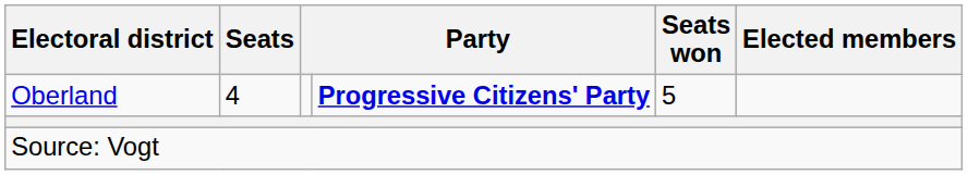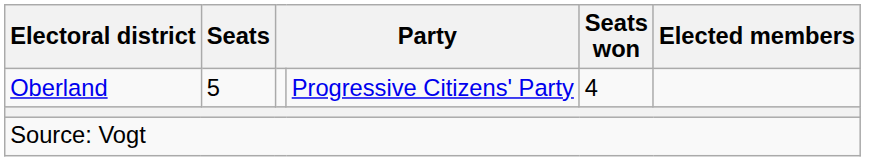 <table class="wikitable">
 <tr>
 <th>Electoral district</th>
 <th>Seats</th>
 <th colspan="2">Party</th>
 <th>Seats<br>won</th>
 <th>Elected members</th>
 </tr>
 <tr>
 <td><a href='#'>Oberland</a></td>
+<td>5</td>
+<td></td>
+<td><a href='#'>Progressive Citizens' Party</a></td>
 <td>4</td>
-<td></td>
-<td><strong><a href='#'>Progressive Citizens' Party</a></strong></td>
-<td>5</td>
 <td></td>
 </tr>
 <tr>
 <th colspan="6"></th>
 </tr>
 <tr>
 <td colspan="6">Source: Vogt</td>
 </tr>
 </table>
